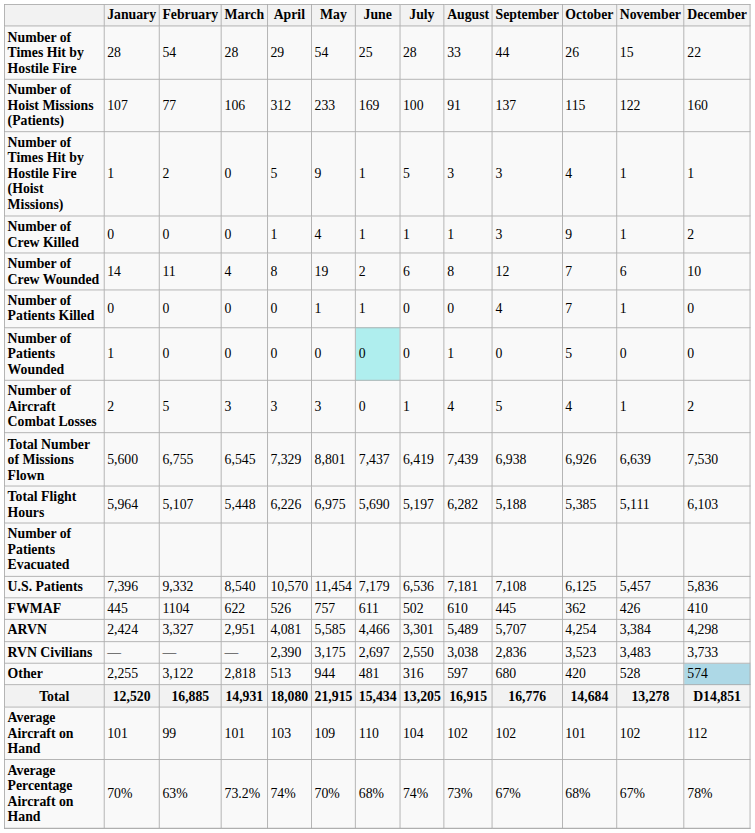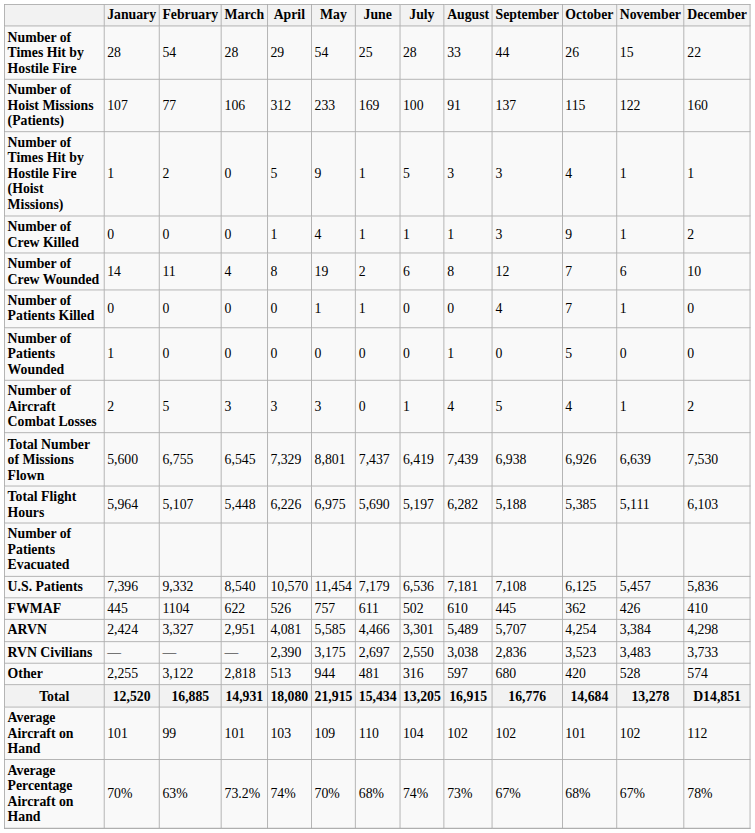 <table class="wikitable">
 <tr>
 <th></th>
 <th>January</th>
 <th>February</th>
 <th>March</th>
 <th>April</th>
 <th>May</th>
 <th>June</th>
 <th>July</th>
 <th>August</th>
 <th>September</th>
 <th>October</th>
 <th>November</th>
 <th>December</th>
 </tr>
 <tr>
 <td><strong>Number of Times Hit by Hostile Fire</strong></td>
 <td>28</td>
 <td>54</td>
 <td>28</td>
 <td>29</td>
 <td>54</td>
 <td>25</td>
 <td>28</td>
 <td>33</td>
 <td>44</td>
 <td>26</td>
 <td>15</td>
 <td>22</td>
 </tr>
 <tr>
 <td><strong>Number of Hoist Missions (Patients)</strong></td>
 <td>107</td>
 <td>77</td>
 <td>106</td>
 <td>312</td>
 <td>233</td>
 <td>169</td>
 <td>100</td>
 <td>91</td>
 <td>137</td>
 <td>115</td>
 <td>122</td>
 <td>160</td>
 </tr>
 <tr>
 <td><strong>Number of Times Hit by Hostile Fire (Hoist Missions)</strong></td>
 <td>1</td>
 <td>2</td>
 <td>0</td>
 <td>5</td>
 <td>9</td>
 <td>1</td>
 <td>5</td>
 <td>3</td>
 <td>3</td>
 <td>4</td>
 <td>1</td>
 <td>1</td>
 </tr>
 <tr>
 <td><strong>Number of Crew Killed</strong></td>
 <td>0</td>
 <td>0</td>
 <td>0</td>
 <td>1</td>
 <td>4</td>
 <td>1</td>
 <td>1</td>
 <td>1</td>
 <td>3</td>
 <td>9</td>
 <td>1</td>
 <td>2</td>
 </tr>
 <tr>
 <td><strong>Number of Crew Wounded</strong></td>
 <td>14</td>
 <td>11</td>
 <td>4</td>
 <td>8</td>
 <td>19</td>
 <td>2</td>
 <td>6</td>
 <td>8</td>
 <td>12</td>
 <td>7</td>
 <td>6</td>
 <td>10</td>
 </tr>
 <tr>
 <td><strong>Number of Patients Killed</strong></td>
 <td>0</td>
 <td>0</td>
 <td>0</td>
 <td>0</td>
 <td>1</td>
 <td>1</td>
 <td>0</td>
 <td>0</td>
 <td>4</td>
 <td>7</td>
 <td>1</td>
 <td>0</td>
 </tr>
 <tr>
 <td><strong>Number of Patients Wounded</strong></td>
 <td>1</td>
 <td>0</td>
 <td>0</td>
 <td>0</td>
 <td>0</td>
-<td style="background: paleturquoise;">0</td>
+<td>0</td>
 <td>0</td>
 <td>1</td>
 <td>0</td>
 <td>5</td>
 <td>0</td>
 <td>0</td>
 </tr>
 <tr>
 <td><strong>Number of Aircraft Combat Losses</strong></td>
 <td>2</td>
 <td>5</td>
 <td>3</td>
 <td>3</td>
 <td>3</td>
 <td>0</td>
 <td>1</td>
 <td>4</td>
 <td>5</td>
 <td>4</td>
 <td>1</td>
 <td>2</td>
 </tr>
 <tr>
 <td><strong>Total Number of Missions Flown</strong></td>
 <td>5,600</td>
 <td>6,755</td>
 <td>6,545</td>
 <td>7,329</td>
 <td>8,801</td>
 <td>7,437</td>
 <td>6,419</td>
 <td>7,439</td>
 <td>6,938</td>
 <td>6,926</td>
 <td>6,639</td>
 <td>7,530</td>
 </tr>
 <tr>
 <td><strong>Total Flight Hours</strong></td>
 <td>5,964</td>
 <td>5,107</td>
 <td>5,448</td>
 <td>6,226</td>
 <td>6,975</td>
 <td>5,690</td>
 <td>5,197</td>
 <td>6,282</td>
 <td>5,188</td>
 <td>5,385</td>
 <td>5,111</td>
 <td>6,103</td>
 </tr>
 <tr>
 <td><strong>Number of Patients Evacuated</strong></td>
 <td></td>
 <td></td>
 <td></td>
 <td></td>
 <td></td>
 <td></td>
 <td></td>
 <td></td>
 <td></td>
 <td></td>
 <td></td>
 <td></td>
 </tr>
 <tr>
 <td><strong>U.S. Patients</strong></td>
 <td>7,396</td>
 <td>9,332</td>
 <td>8,540</td>
 <td>10,570</td>
 <td>11,454</td>
 <td>7,179</td>
 <td>6,536</td>
 <td>7,181</td>
 <td>7,108</td>
 <td>6,125</td>
 <td>5,457</td>
 <td>5,836</td>
 </tr>
 <tr>
 <td><strong>FWMAF</strong></td>
 <td>445</td>
 <td>1104</td>
 <td>622</td>
 <td>526</td>
 <td>757</td>
 <td>611</td>
 <td>502</td>
 <td>610</td>
 <td>445</td>
 <td>362</td>
 <td>426</td>
 <td>410</td>
 </tr>
 <tr>
 <td><strong>ARVN</strong></td>
 <td>2,424</td>
 <td>3,327</td>
 <td>2,951</td>
 <td>4,081</td>
 <td>5,585</td>
 <td>4,466</td>
 <td>3,301</td>
 <td>5,489</td>
 <td>5,707</td>
 <td>4,254</td>
 <td>3,384</td>
 <td>4,298</td>
 </tr>
 <tr>
 <td><strong>RVN Civilians</strong></td>
 <td>—</td>
 <td>—</td>
 <td>—</td>
 <td>2,390</td>
 <td>3,175</td>
 <td>2,697</td>
 <td>2,550</td>
 <td>3,038</td>
 <td>2,836</td>
 <td>3,523</td>
 <td>3,483</td>
 <td>3,733</td>
 </tr>
 <tr>
 <td><strong>Other</strong></td>
 <td>2,255</td>
 <td>3,122</td>
 <td>2,818</td>
 <td>513</td>
 <td>944</td>
 <td>481</td>
 <td>316</td>
 <td>597</td>
 <td>680</td>
 <td>420</td>
 <td>528</td>
-<td style="background: lightblue;">574</td>
+<td>574</td>
 </tr>
 <tr>
 <th>Total</th>
 <th>12,520</th>
 <th>16,885</th>
 <th>14,931</th>
 <th>18,080</th>
 <th>21,915</th>
 <th>15,434</th>
 <th>13,205</th>
 <th>16,915</th>
 <th>16,776</th>
 <th>14,684</th>
 <th>13,278</th>
 <th>D14,851</th>
 </tr>
 <tr>
 <td><strong>Average Aircraft on Hand</strong></td>
 <td>101</td>
 <td>99</td>
 <td>101</td>
 <td>103</td>
 <td>109</td>
 <td>110</td>
 <td>104</td>
 <td>102</td>
 <td>102</td>
 <td>101</td>
 <td>102</td>
 <td>112</td>
 </tr>
 <tr>
 <td><strong>Average Percentage Aircraft on Hand</strong></td>
 <td>70%</td>
 <td>63%</td>
 <td>73.2%</td>
 <td>74%</td>
 <td>70%</td>
 <td>68%</td>
 <td>74%</td>
 <td>73%</td>
 <td>67%</td>
 <td>68%</td>
 <td>67%</td>
 <td>78%</td>
 </tr>
 <tr>
 </tr>
 </table>
